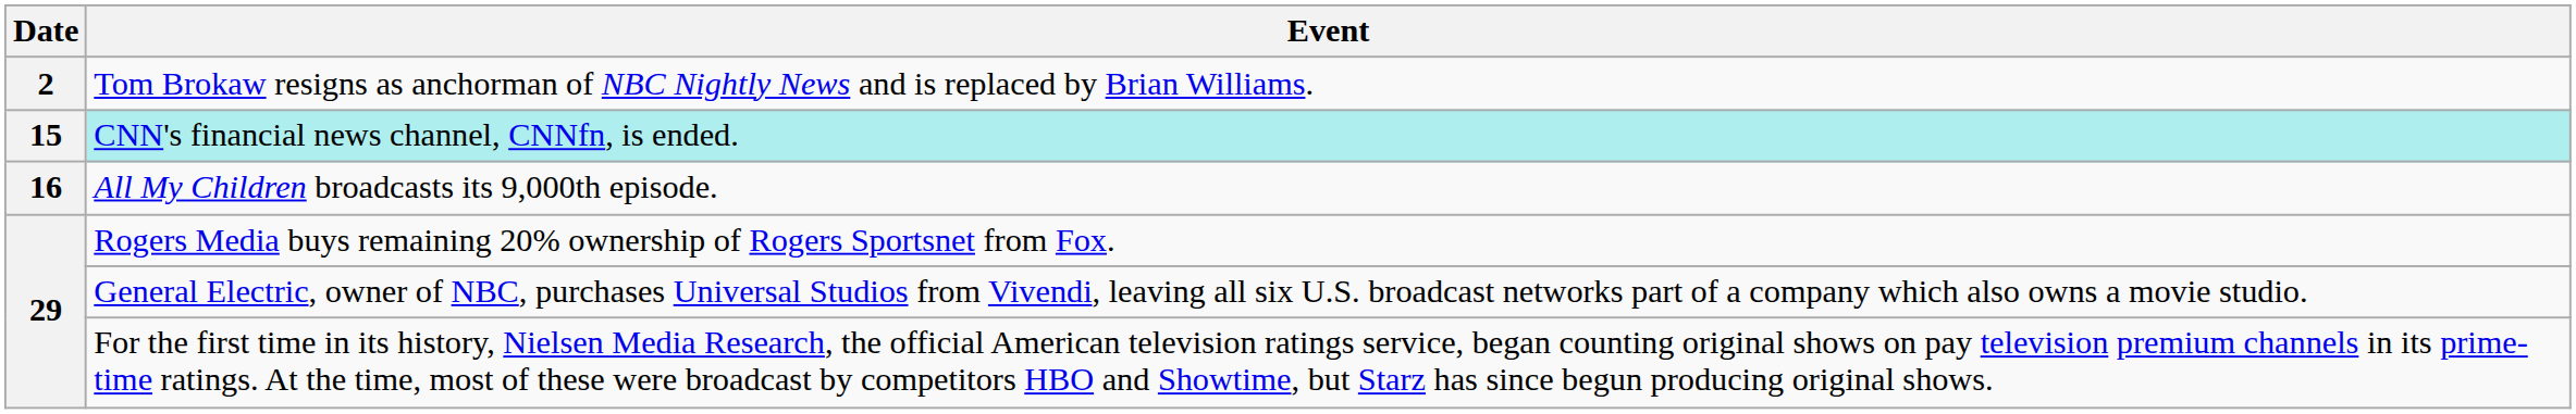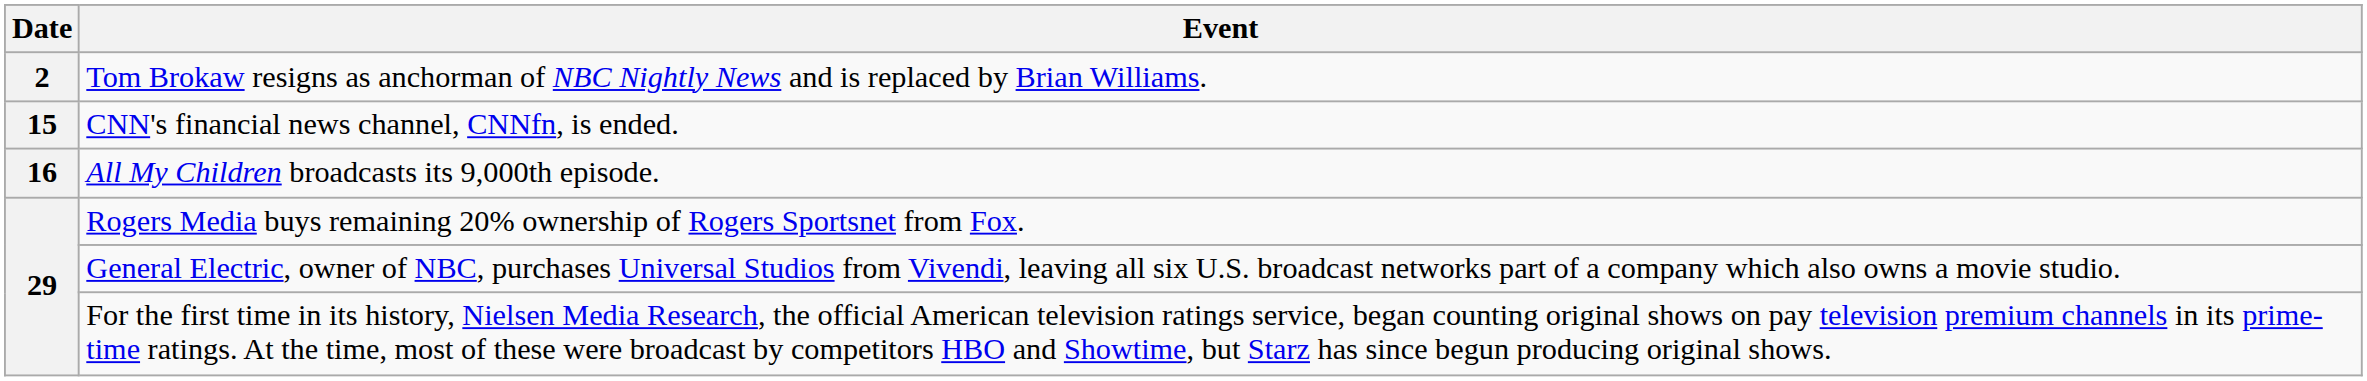 <table class="wikitable">
 <tr>
 <th>Date</th>
 <th>Event</th>
 </tr>
 <tr>
 <th>2</th>
 <td><a href='#'>Tom Brokaw</a> resigns as anchorman of <em><a href='#'>NBC Nightly News</a></em> and is replaced by <a href='#'>Brian Williams</a>.</td>
 </tr>
 <tr>
 <th>15</th>
-<td style="background: paleturquoise;"><a href='#'>CNN</a>'s financial news channel, <a href='#'>CNNfn</a>, is ended.</td>
+<td><a href='#'>CNN</a>'s financial news channel, <a href='#'>CNNfn</a>, is ended.</td>
 </tr>
 <tr>
 <th>16</th>
 <td><em><a href='#'>All My Children</a></em> broadcasts its 9,000th episode.</td>
 </tr>
 <tr>
 <th style="text-align:center;" rowspan="3">29</th>
 <td Canada's><a href='#'>Rogers Media</a> buys remaining 20% ownership of <a href='#'>Rogers Sportsnet</a> from <a href='#'>Fox</a>.</td>
 </tr>
 <tr>
 <td><a href='#'>General Electric</a>, owner of <a href='#'>NBC</a>, purchases <a href='#'>Universal Studios</a> from <a href='#'>Vivendi</a>, leaving all six U.S. broadcast networks part of a company which also owns a movie studio.</td>
 </tr>
 <tr>
 <td>For the first time in its history, <a href='#'>Nielsen Media Research</a>, the official American television ratings service, began counting original shows on pay <a href='#'>television</a> <a href='#'>premium channels</a> in its <a href='#'>prime-time</a> ratings. At the time, most of these were broadcast by competitors <a href='#'>HBO</a> and <a href='#'>Showtime</a>, but <a href='#'>Starz</a> has since begun producing original shows.</td>
 </tr>
 </table>
